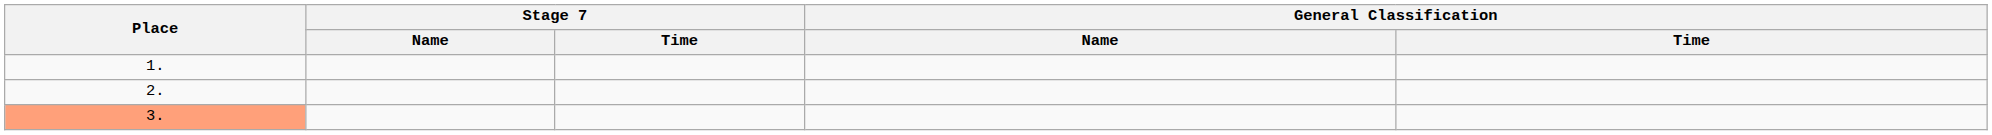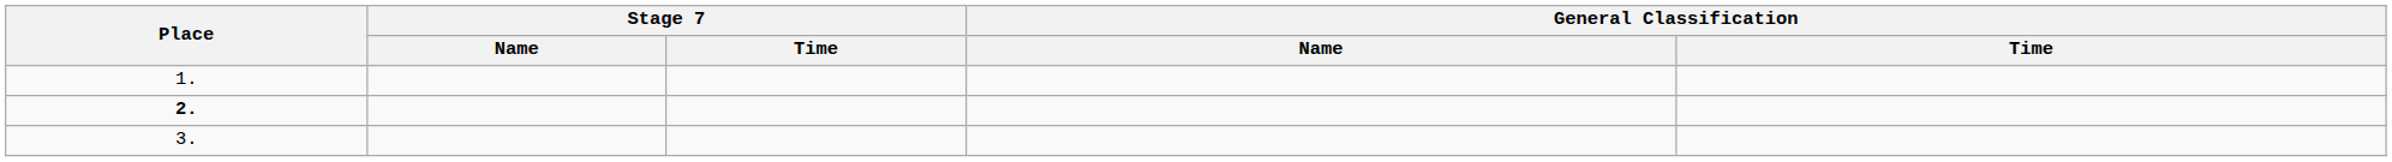 <table class="wikitable"  style="font-size:95%; width:80%;">
 <tr>
 <th rowspan="2">Place</th>
 <th colspan="2">Stage 7</th>
 <th colspan="2">General Classification</th>
 </tr>
 <tr>
 <th>Name</th>
 <th>Time</th>
 <th>Name</th>
 <th>Time</th>
 </tr>
 <tr>
 <td style="text-align:center;">1.</td>
 <td></td>
 <td></td>
 <td></td>
 <td></td>
 </tr>
 <tr>
-<td style="text-align:center;">2.</td>
+<td style="text-align:center;"><strong>2.</strong></td>
 <td></td>
 <td></td>
 <td></td>
 <td></td>
 </tr>
 <tr>
-<td style="background: lightsalmon; text-align:center;">3.</td>
+<td style="text-align:center;">3.</td>
 <td></td>
 <td></td>
 <td></td>
 <td></td>
 </tr>
 </table>
